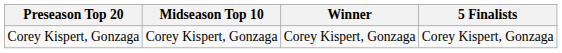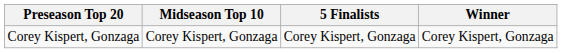 <table class="wikitable">
 <tr>
 <th>Preseason Top 20</th>
 <th>Midseason Top 10</th>
+<th>5 Finalists</th>
 <th>Winner</th>
-<th>5 Finalists</th>
 </tr>
 <tr>
 <td>Corey Kispert, Gonzaga</td>
 <td>Corey Kispert, Gonzaga</td>
 <td>Corey Kispert, Gonzaga</td>
 <td>Corey Kispert, Gonzaga</td>
 </tr>
 </table>
